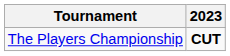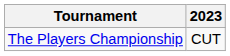 <table class="wikitable" style="font-size:95%;text-align:center;">
 <tr>
 <th>Tournament</th>
 <th>2023</th>
 </tr>
 <tr>
 <td align=left><a href='#'>The Players Championship</a></td>
-<td><strong>CUT</strong></td>
+<td>CUT</td>
 </tr>
 </table>
